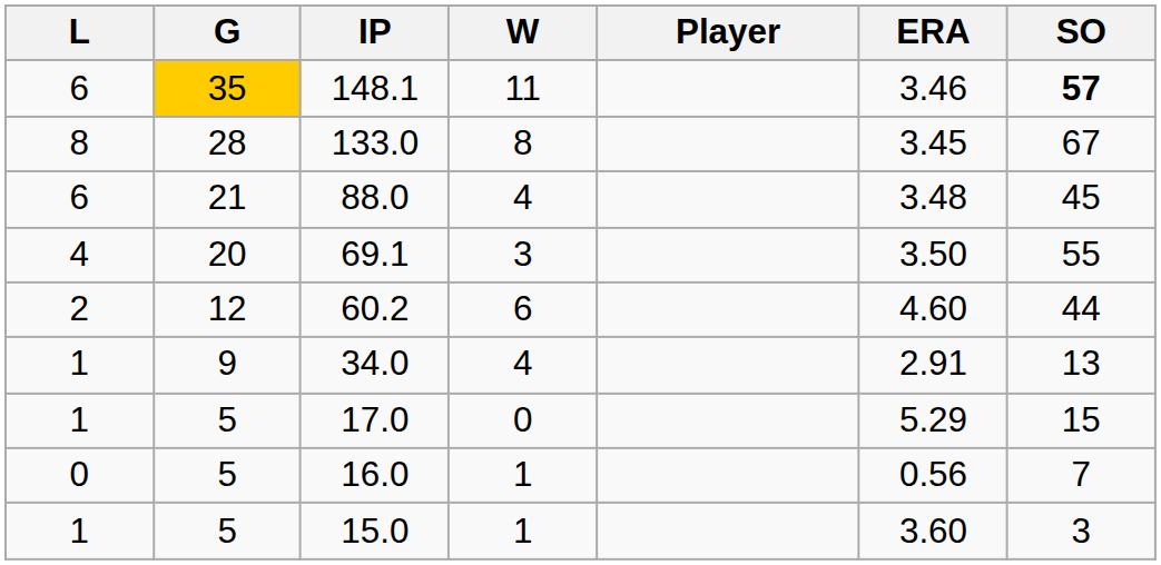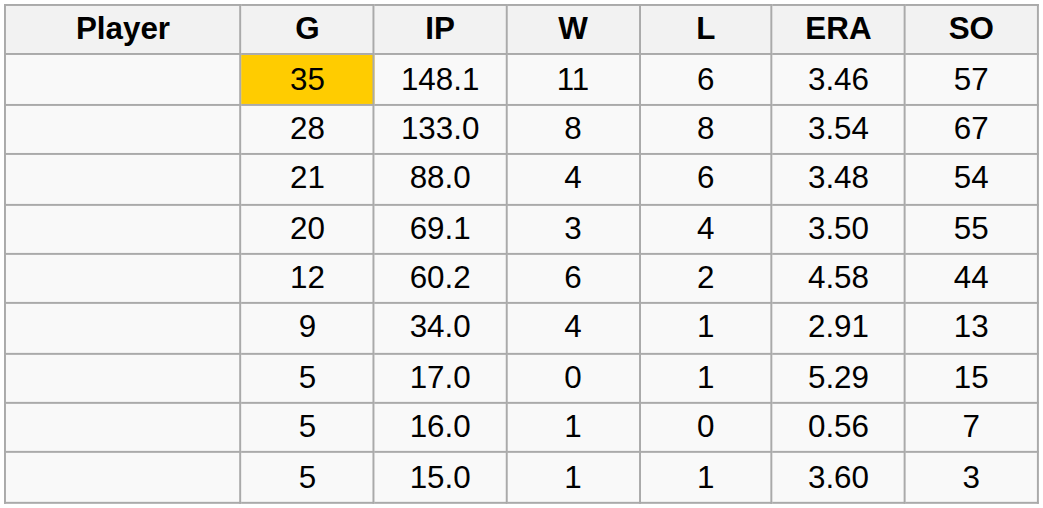 <table class="wikitable sortable">
 <tr>
-<th bgcolor="#DDDDFF" width="9%">L</th>
+<th bgcolor="#DDDDFF" width="16%">Player</th>
 <th bgcolor="#DDDDFF" width="9%">G</th>
 <th bgcolor="#DDDDFF" width="9%">IP</th>
 <th bgcolor="#DDDDFF" width="9%">W</th>
-<th bgcolor="#DDDDFF" width="16%">Player</th>
+<th bgcolor="#DDDDFF" width="9%">L</th>
 <th bgcolor="#DDDDFF" width="9%">ERA</th>
 <th bgcolor="#DDDDFF" width="9%">SO</th>
 </tr>
 <tr align="center">
-<td>6</td>
+<td></td>
 <td style="background:#fc0;">35</td>
 <td>148.1</td>
 <td>11</td>
-<td></td>
+<td>6</td>
 <td>3.46</td>
-<td><strong>57</strong></td>
+<td>57</td>
 </tr>
 <tr align="center">
-<td>8</td>
+<td></td>
 <td>28</td>
 <td>133.0</td>
 <td>8</td>
-<td></td>
-<td>3.45</td>
+<td>8</td>
+<td>3.54</td>
 <td>67</td>
 </tr>
 <tr align="center">
-<td>6</td>
+<td></td>
 <td>21</td>
 <td>88.0</td>
 <td>4</td>
-<td></td>
+<td>6</td>
 <td>3.48</td>
-<td>45</td>
+<td>54</td>
 </tr>
 <tr align="center">
-<td>4</td>
+<td></td>
 <td>20</td>
 <td>69.1</td>
 <td>3</td>
-<td></td>
+<td>4</td>
 <td>3.50</td>
 <td>55</td>
 </tr>
 <tr align="center">
-<td>2</td>
+<td></td>
 <td>12</td>
 <td>60.2</td>
 <td>6</td>
-<td></td>
-<td>4.60</td>
+<td>2</td>
+<td>4.58</td>
 <td>44</td>
 </tr>
 <tr align="center">
-<td>1</td>
+<td></td>
 <td>9</td>
 <td>34.0</td>
 <td>4</td>
-<td></td>
+<td>1</td>
 <td>2.91</td>
 <td>13</td>
 </tr>
 <tr align="center">
-<td>1</td>
+<td></td>
 <td>5</td>
 <td>17.0</td>
 <td>0</td>
-<td></td>
+<td>1</td>
 <td>5.29</td>
 <td>15</td>
 </tr>
 <tr align="center">
-<td>0</td>
+<td></td>
 <td>5</td>
 <td>16.0</td>
 <td>1</td>
-<td></td>
+<td>0</td>
 <td>0.56</td>
 <td>7</td>
 </tr>
 <tr align="center">
-<td>1</td>
+<td></td>
 <td>5</td>
 <td>15.0</td>
 <td>1</td>
-<td></td>
+<td>1</td>
 <td>3.60</td>
 <td>3</td>
 </tr>
 </table>
